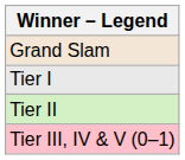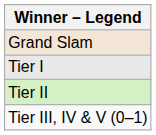 <table class="sortable wikitable" style="font-size:90%;">
 <tr>
 <th>Winner – Legend</th>
 </tr>
 <tr>
 <td style="background:#f3e6d7;">Grand Slam</td>
 </tr>
 <tr>
 <td style="background:#e9e9e9;">Tier I</td>
 </tr>
 <tr>
 <td style="background:#d4f1c5;">Tier II</td>
 </tr>
 <tr>
-<td style="background: pink;">Tier III, IV & V (0–1)</td>
+<td>Tier III, IV & V (0–1)</td>
 </tr>
 </table>
